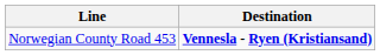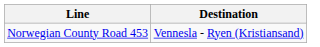 <table class="wikitable sortable">
 <tr>
 <th>Line</th>
 <th>Destination</th>
 </tr>
 <tr>
 <td><a href='#'>Norwegian County Road 453</a></td>
-<td><strong><a href='#'>Vennesla</a> - <a href='#'>Ryen (Kristiansand)</a></strong></td>
+<td><a href='#'>Vennesla</a> - <a href='#'>Ryen (Kristiansand)</a></td>
 </tr>
 </table>
